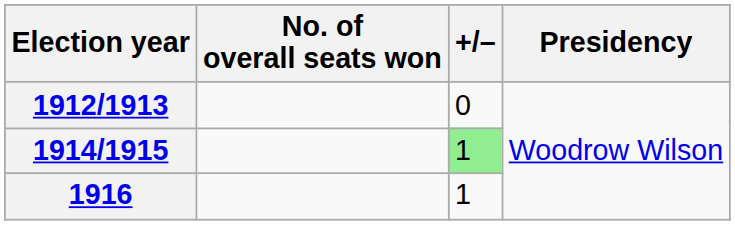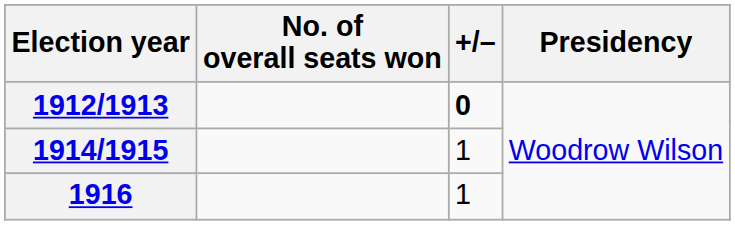 <table class=wikitable>
 <tr>
 <th>Election year</th>
 <th>No. of<br>overall seats won</th>
 <th>+/–</th>
 <th>Presidency</th>
 </tr>
 <tr>
 <th><a href='#'>1912/1913</a></th>
 <td></td>
-<td> 0</td>
+<td><strong> 0</strong></td>
 <td rowspan="3"><a href='#'>Woodrow Wilson</a></td>
 </tr>
 <tr>
 <th><a href='#'>1914/1915</a></th>
 <td></td>
-<td style="background: lightgreen;"> 1</td>
+<td> 1</td>
 </tr>
 <tr>
 <th><a href='#'>1916</a></th>
 <td></td>
 <td> 1</td>
 </tr>
 </table>
